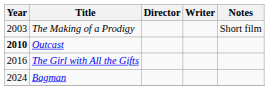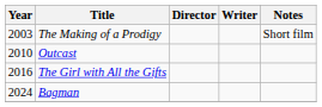 <table class="wikitable">
 <tr>
 <th>Year</th>
 <th>Title</th>
 <th>Director</th>
 <th>Writer</th>
 <th>Notes</th>
 </tr>
 <tr>
 <td>2003</td>
 <td><em>The Making of a Prodigy</em></td>
 <td></td>
 <td></td>
 <td>Short film</td>
 </tr>
 <tr>
-<td><strong>2010</strong></td>
+<td>2010</td>
 <td><em><a href='#'>Outcast</a></em></td>
 <td></td>
 <td></td>
 <td></td>
 </tr>
 <tr>
 <td>2016</td>
 <td><em><a href='#'>The Girl with All the Gifts</a></em></td>
 <td></td>
 <td></td>
 <td></td>
 </tr>
 <tr>
 <td>2024</td>
 <td><em><a href='#'>Bagman</a></em></td>
 <td></td>
 <td></td>
 <td></td>
 </tr>
 <tr>
 </tr>
 </table>
